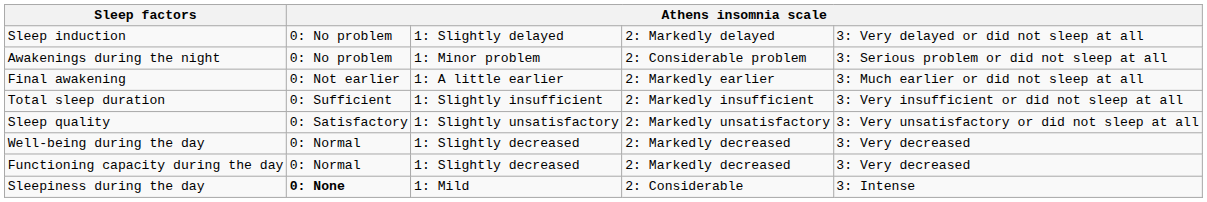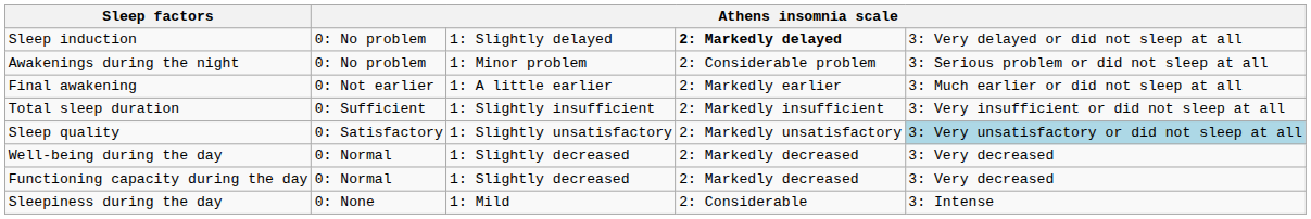 <table class="wikitable">
 <tr>
 <th>Sleep factors</th>
 <th colspan="4">Athens insomnia scale</th>
 </tr>
 <tr>
 <td>Sleep induction</td>
 <td>0: No problem</td>
 <td>1: Slightly delayed</td>
-<td>2: Markedly delayed</td>
+<td><strong>2: Markedly delayed</strong></td>
 <td>3: Very delayed or did not sleep at all</td>
 </tr>
 <tr>
 <td>Awakenings during the night</td>
 <td>0: No problem</td>
 <td>1: Minor problem</td>
 <td>2: Considerable problem</td>
 <td>3: Serious problem or did not sleep at all</td>
 </tr>
 <tr>
 <td>Final awakening</td>
 <td>0: Not earlier</td>
 <td>1: A little earlier</td>
 <td>2: Markedly earlier</td>
 <td>3: Much earlier or did not sleep at all</td>
 </tr>
 <tr>
 <td>Total sleep duration</td>
 <td>0: Sufficient</td>
 <td>1: Slightly insufficient</td>
 <td>2: Markedly insufficient</td>
 <td>3: Very insufficient or did not sleep at all</td>
 </tr>
 <tr>
 <td>Sleep quality</td>
 <td>0: Satisfactory</td>
 <td>1: Slightly unsatisfactory</td>
 <td>2: Markedly unsatisfactory</td>
-<td>3: Very unsatisfactory or did not sleep at all</td>
+<td style="background: lightblue;">3: Very unsatisfactory or did not sleep at all</td>
 </tr>
 <tr>
 <td>Well-being during the day</td>
 <td>0: Normal</td>
 <td>1: Slightly decreased</td>
 <td>2: Markedly decreased</td>
 <td>3: Very decreased</td>
 </tr>
 <tr>
 <td>Functioning capacity during the day</td>
 <td>0: Normal</td>
 <td>1: Slightly decreased</td>
 <td>2: Markedly decreased</td>
 <td>3: Very decreased</td>
 </tr>
 <tr>
 <td>Sleepiness during the day</td>
-<td><strong>0: None</strong></td>
+<td>0: None</td>
 <td>1: Mild</td>
 <td>2: Considerable</td>
 <td>3: Intense</td>
 </tr>
 </table>
